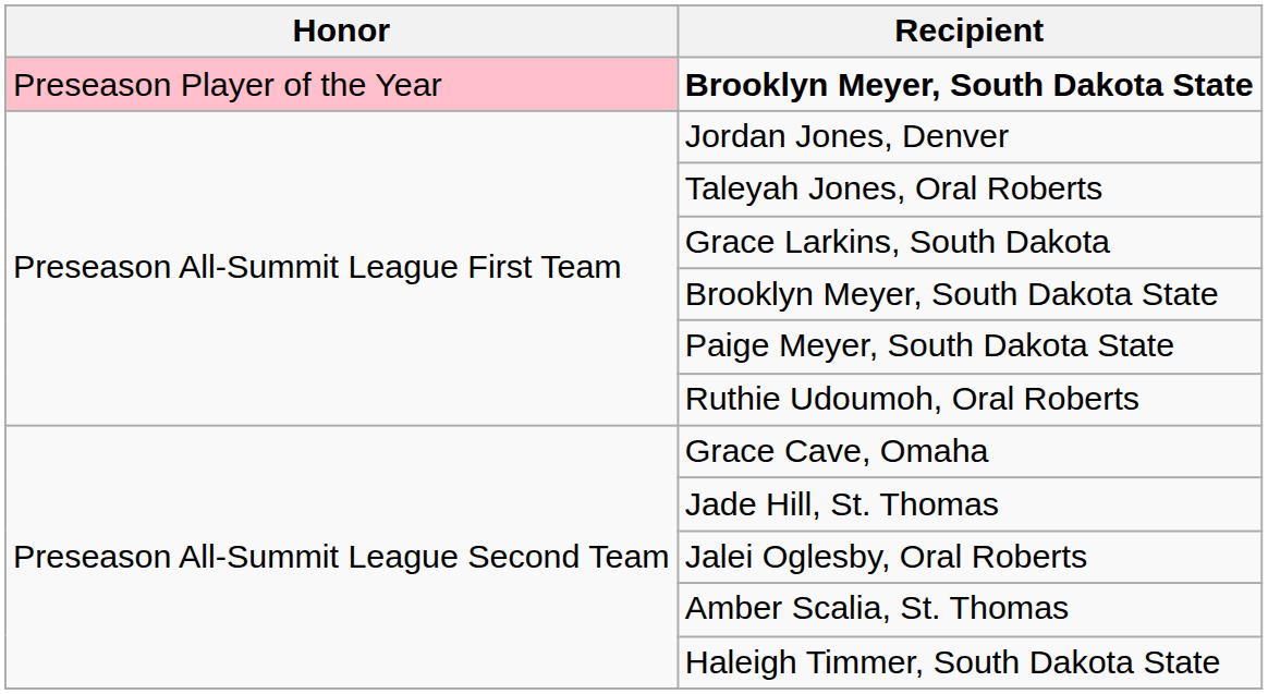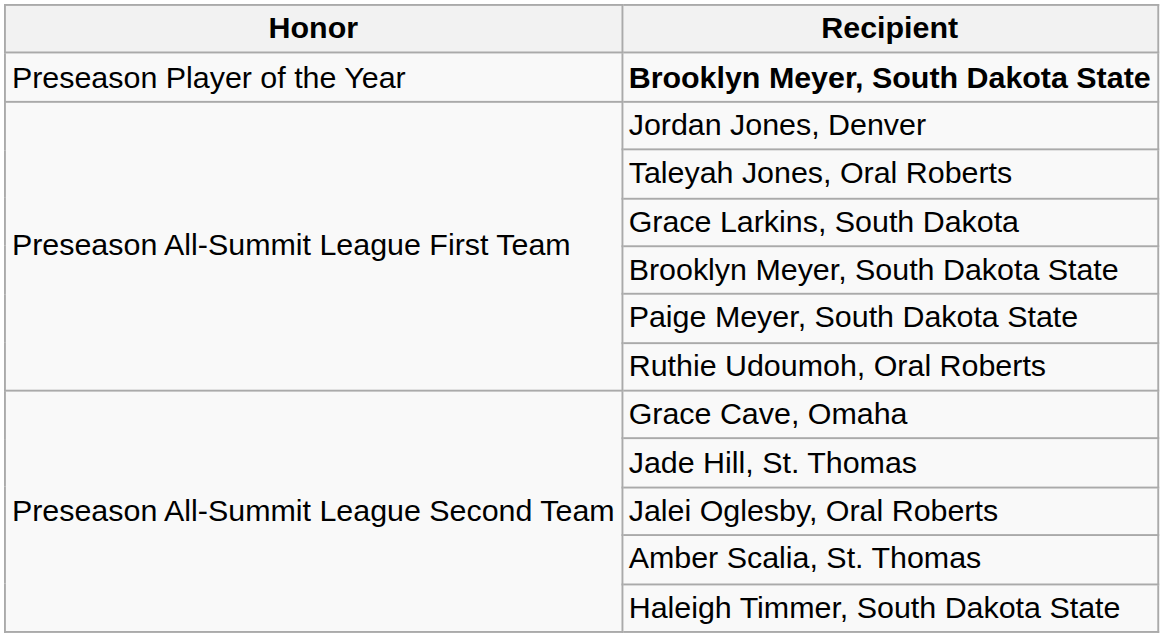 <table class="wikitable" border="1">
 <tr>
 <th>Honor</th>
 <th>Recipient</th>
 </tr>
 <tr>
-<td style="background: pink;">Preseason Player of the Year</td>
+<td>Preseason Player of the Year</td>
 <td><strong>Brooklyn Meyer, South Dakota State</strong></td>
 </tr>
 <tr>
 <td rowspan=6>Preseason All-Summit League First Team</td>
 <td>Jordan Jones, Denver</td>
 </tr>
 <tr>
 <td>Taleyah Jones, Oral Roberts</td>
 </tr>
 <tr>
 <td>Grace Larkins, South Dakota</td>
 </tr>
 <tr>
 <td>Brooklyn Meyer, South Dakota State</td>
 </tr>
 <tr>
 <td>Paige Meyer, South Dakota State</td>
 </tr>
 <tr>
 <td>Ruthie Udoumoh, Oral Roberts</td>
 </tr>
 <tr>
 <td rowspan=5>Preseason All-Summit League Second Team</td>
 <td>Grace Cave, Omaha</td>
 </tr>
 <tr>
 <td>Jade Hill, St. Thomas</td>
 </tr>
 <tr>
 <td>Jalei Oglesby, Oral Roberts</td>
 </tr>
 <tr>
 <td>Amber Scalia, St. Thomas</td>
 </tr>
 <tr>
 <td>Haleigh Timmer, South Dakota State</td>
 </tr>
 </table>
